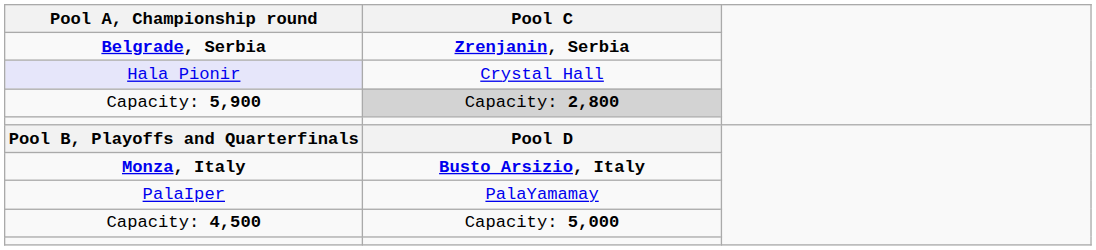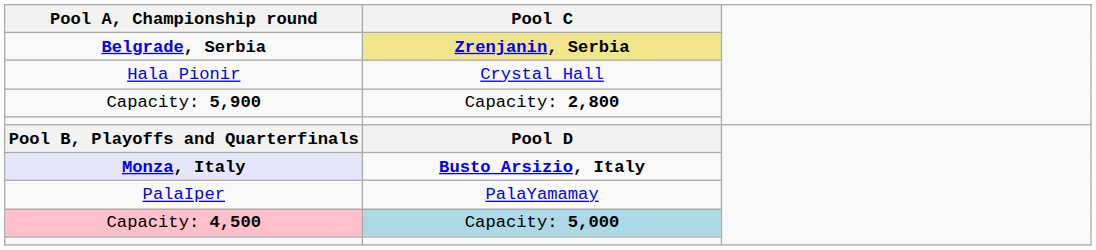 <table class="wikitable" style="text-align:center;">
 <tr>
 <th width=33%>Pool A, Championship round</th>
 <th width=33%>Pool C</th>
 <td width=34% rowspan=5></td>
 </tr>
 <tr>
 <td><strong> <a href='#'>Belgrade</a>, Serbia</strong></td>
-<td><strong> <a href='#'>Zrenjanin</a>, Serbia</strong></td>
+<td style="background: khaki;"><strong> <a href='#'>Zrenjanin</a>, Serbia</strong></td>
 </tr>
 <tr>
-<td style="background: lavender;"><a href='#'>Hala Pionir</a></td>
+<td><a href='#'>Hala Pionir</a></td>
 <td><a href='#'>Crystal Hall</a></td>
 </tr>
 <tr>
 <td>Capacity: <strong>5,900</strong></td>
-<td style="background: lightgrey;">Capacity: <strong>2,800</strong></td>
+<td>Capacity: <strong>2,800</strong></td>
 </tr>
 <tr>
 <td></td>
 <td></td>
 </tr>
 <tr>
 <th width=33%>Pool B, Playoffs and Quarterfinals</th>
 <th width=33%>Pool D</th>
 <td width=34% rowspan=5></td>
 </tr>
 <tr>
-<td><strong> <a href='#'>Monza</a>, Italy</strong></td>
+<td style="background: lavender;"><strong> <a href='#'>Monza</a>, Italy</strong></td>
 <td><strong> <a href='#'>Busto Arsizio</a>, Italy</strong></td>
 </tr>
 <tr>
 <td><a href='#'>PalaIper</a></td>
 <td><a href='#'>PalaYamamay</a></td>
 </tr>
 <tr>
-<td>Capacity: <strong>4,500</strong></td>
-<td>Capacity: <strong>5,000</strong></td>
+<td style="background: pink;">Capacity: <strong>4,500</strong></td>
+<td style="background: lightblue;">Capacity: <strong>5,000</strong></td>
 </tr>
 <tr>
 <td></td>
 <td></td>
 </tr>
 </table>
